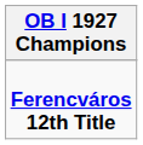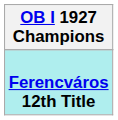 <table class="wikitable" style="text-align: center; margin: 0 auto;">
 <tr>
 <th><a href='#'>OB I</a> 1927<br>Champions</th>
 </tr>
 <tr>
 </tr>
 <tr>
-<td> <br><strong><a href='#'>Ferencváros</a></strong><br><strong>12th Title</strong></td>
+<td style="background: paleturquoise;"> <br><strong><a href='#'>Ferencváros</a></strong><br><strong>12th Title</strong></td>
 </tr>
 </table>
